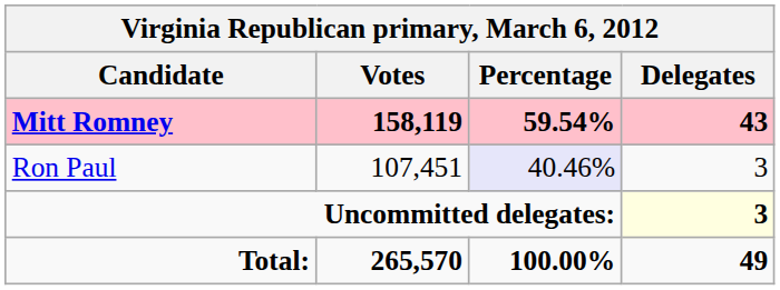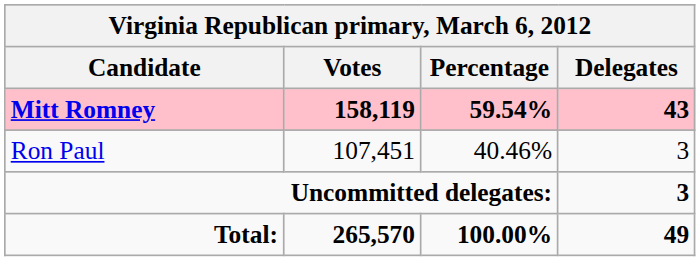 <table class="wikitable" style="font-size:95%;">
 <tr>
 <th colspan="4">Virginia Republican primary, March 6, 2012</th>
 </tr>
 <tr>
 <th width=160px>Candidate</th>
 <th width=75px>Votes</th>
 <th width=75px>Percentage</th>
 <th width=75px>Delegates</th>
 </tr>
 <tr align=right bgcolor=pink>
 <td align=left><strong><a href='#'>Mitt Romney</a></strong></td>
 <td><strong>158,119</strong></td>
 <td><strong>59.54%</strong></td>
 <td><strong>43</strong></td>
 </tr>
 <tr align=right>
 <td align=left><a href='#'>Ron Paul</a></td>
 <td>107,451</td>
-<td style="background: lavender;">40.46%</td>
+<td>40.46%</td>
 <td>3</td>
 </tr>
 <tr align=right>
 <td colspan=3><strong>Uncommitted delegates:</strong></td>
-<td style="background: lightyellow;"><strong>3</strong></td>
+<td><strong>3</strong></td>
 </tr>
 <tr align=right>
 <td><strong>Total:</strong></td>
 <td><strong>265,570</strong></td>
 <td><strong>100.00%</strong></td>
 <td><strong>49</strong></td>
 </tr>
 </table>
